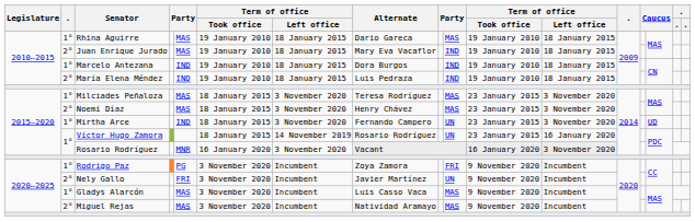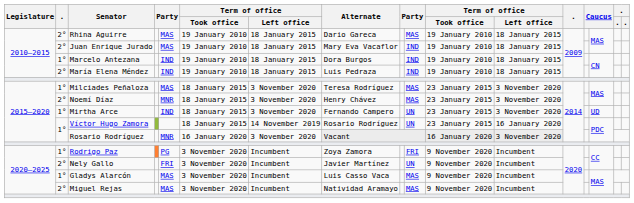 <table class="wikitable" style="font-size: 90%;">
 <tr>
 <th rowspan=2>Legislature</th>
 <th rowspan=2>.</th>
 <th rowspan=2>Senator</th>
 <th rowspan=2 colspan=2>Party</th>
 <th colspan=2>Term of office</th>
 <th rowspan=2>Alternate</th>
 <th rowspan=2 colspan=2>Party</th>
 <th colspan=2>Term of office</th>
 <th rowspan=2>.</th>
 <th rowspan=2 colspan=2><a href='#'>Caucus</a></th>
 <th colspan=2>.</th>
 </tr>
 <tr>
 <th>Took office</th>
 <th>Left office</th>
 <th>Took office</th>
 <th>Left office</th>
 <th>.</th>
 <th>.</th>
 </tr>
 <tr>
 <td style="text-align:center;" rowspan=4><a href='#'>2010–2015</a><br></td>
-<td>1°</td>
+<td>2°</td>
 <td>Rhina Aguirre</td>
 <td style="background-color:"></td>
 <td><a href='#'>MAS</a></td>
 <td>19 January 2010</td>
 <td>18 January 2015</td>
 <td>Dario Gareca</td>
 <td style="background-color:"></td>
 <td><a href='#'>MAS</a></td>
 <td>19 January 2010</td>
 <td>18 January 2015</td>
 <td rowspan=4><a href='#'>2009</a></td>
 <td style="background-color:"></td>
 <td rowspan=2><a href='#'>MAS</a></td>
 <td></td>
 <td></td>
 </tr>
 <tr>
 <td>2°</td>
 <td>Juan Enrique Jurado</td>
 <td style="background-color:"></td>
 <td><a href='#'>MAS</a></td>
 <td>19 January 2010</td>
 <td>18 January 2015</td>
 <td>Mary Eva Vacaflor</td>
 <td style="background-color:"></td>
 <td><a href='#'>IND</a></td>
 <td>19 January 2010</td>
 <td>18 January 2015</td>
 <td></td>
 <td></td>
 </tr>
 <tr>
 <td>1°</td>
 <td>Marcelo Antezana</td>
 <td style="background-color:"></td>
 <td><a href='#'>IND</a></td>
 <td>19 January 2010</td>
 <td>18 January 2015</td>
 <td>Dora Burgos</td>
 <td style="background-color:"></td>
 <td><a href='#'>IND</a></td>
 <td>19 January 2010</td>
 <td>18 January 2015</td>
 <td style="background-color:"></td>
 <td rowspan=2><a href='#'>CN</a></td>
 <td></td>
 <td></td>
 </tr>
 <tr>
 <td>2°</td>
 <td>María Elena Méndez</td>
 <td style="background-color:"></td>
 <td><a href='#'>IND</a></td>
 <td>19 January 2010</td>
 <td>18 January 2015</td>
 <td>Luis Pedraza</td>
 <td style="background-color:"></td>
 <td><a href='#'>IND</a></td>
 <td>19 January 2010</td>
 <td>18 January 2015</td>
 <td></td>
 <td></td>
 </tr>
 <tr>
 <td colspan=17 bgcolor="#EAECF0"></td>
 </tr>
 <tr>
 <td style="text-align:center;" rowspan=5><a href='#'>2015–2020</a><br></td>
 <td>1°</td>
 <td>Milciades Peñaloza</td>
 <td style="background-color:"></td>
 <td><a href='#'>MAS</a></td>
 <td>18 January 2015</td>
 <td>3 November 2020</td>
 <td>Teresa Rodríguez</td>
 <td style="background-color:"></td>
 <td><a href='#'>MAS</a></td>
 <td>23 January 2015</td>
 <td>3 November 2020</td>
 <td rowspan=5><a href='#'>2014</a></td>
 <td style="background-color:"></td>
 <td rowspan=2><a href='#'>MAS</a></td>
 <td></td>
 <td></td>
 </tr>
 <tr>
 <td>2°</td>
 <td>Noemí Díaz</td>
 <td style="background-color:"></td>
-<td><a href='#'>MAS</a></td>
+<td><a href='#'>MNR</a></td>
 <td>18 January 2015</td>
 <td>3 November 2020</td>
 <td>Henry Chávez</td>
 <td style="background-color:"></td>
 <td><a href='#'>MAS</a></td>
 <td>23 January 2015</td>
 <td>3 November 2020</td>
 <td></td>
 <td></td>
 </tr>
 <tr>
 <td>1°</td>
 <td>Mirtha Arce</td>
 <td style="background-color:"></td>
 <td><a href='#'>IND</a></td>
 <td>18 January 2015</td>
 <td>3 November 2020</td>
 <td>Fernando Campero</td>
 <td style="background-color:"></td>
 <td><a href='#'>UN</a></td>
 <td>23 January 2015</td>
 <td>3 November 2020</td>
 <td style="background-color:"></td>
 <td><a href='#'>UD</a></td>
 <td></td>
 <td></td>
 </tr>
 <tr>
 <td rowspan=2>1°</td>
 <td><a href='#'>Víctor Hugo Zamora</a></td>
 <td style="background-color:#92BA3D;"></td>
 <td></td>
 <td>18 January 2015</td>
 <td>14 November 2019</td>
 <td>Rosario Rodríguez</td>
 <td style="background-color:"></td>
 <td><a href='#'>UN</a></td>
 <td>23 January 2015</td>
 <td>16 January 2020</td>
 <td style="background-color:"></td>
 <td rowspan=2><a href='#'>PDC</a></td>
 <td></td>
 <td></td>
 </tr>
 <tr>
 <td>Rosario Rodríguez</td>
 <td style="background-color:"></td>
 <td><a href='#'>MNR</a></td>
 <td>16 January 2020</td>
 <td>3 November 2020</td>
 <td bgcolor="#ECECEC" colspan=3>Vacant</td>
 <td bgcolor="#ECECEC">16 January 2020</td>
 <td bgcolor="#ECECEC">3 November 2020</td>
 <td colspan=2></td>
 </tr>
 <tr>
 <td colspan=17 bgcolor="#EAECF0"></td>
 </tr>
 <tr>
 <td style="text-align:center;" rowspan=4><a href='#'>2020–2025</a><br></td>
 <td>1°</td>
 <td><a href='#'>Rodrigo Paz</a></td>
 <td style="background-color:#FF8033;"></td>
 <td><a href='#'>PG</a></td>
 <td>3 November 2020</td>
 <td>Incumbent</td>
 <td>Zoya Zamora</td>
 <td style="background-color:"></td>
 <td><a href='#'>FRI</a></td>
 <td>9 November 2020</td>
 <td>Incumbent</td>
 <td rowspan=4><a href='#'>2020</a></td>
 <td style="background-color:"></td>
 <td rowspan=2><a href='#'>CC</a></td>
 <td></td>
 <td></td>
 </tr>
 <tr>
 <td>2°</td>
 <td>Nely Gallo</td>
 <td style="background-color:"></td>
 <td><a href='#'>FRI</a></td>
 <td>3 November 2020</td>
 <td>Incumbent</td>
 <td>Javier Martínez</td>
 <td style="background-color:"></td>
 <td><a href='#'>UN</a></td>
 <td>9 November 2020</td>
 <td>Incumbent</td>
 <td></td>
 <td></td>
 </tr>
 <tr>
 <td>1°</td>
 <td>Gladys Alarcón</td>
 <td style="background-color:"></td>
 <td><a href='#'>MAS</a></td>
 <td>3 November 2020</td>
 <td>Incumbent</td>
 <td>Luis Casso Vaca</td>
 <td style="background-color:"></td>
 <td><a href='#'>MAS</a></td>
 <td>9 November 2020</td>
 <td>Incumbent</td>
 <td style="background-color:"></td>
 <td rowspan=2><a href='#'>MAS</a></td>
 <td colspan=2></td>
 </tr>
 <tr>
 <td>2°</td>
 <td>Miguel Rejas</td>
 <td style="background-color:"></td>
 <td><a href='#'>MAS</a></td>
 <td>3 November 2020</td>
 <td>Incumbent</td>
 <td>Natividad Aramayo</td>
 <td style="background-color:"></td>
 <td><a href='#'>MAS</a></td>
 <td>9 November 2020</td>
 <td>Incumbent</td>
 <td></td>
 <td></td>
 </tr>
 <tr>
 <td colspan=17 bgcolor="#EAECF0"></td>
 </tr>
 </table>
